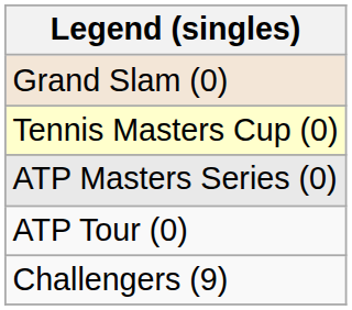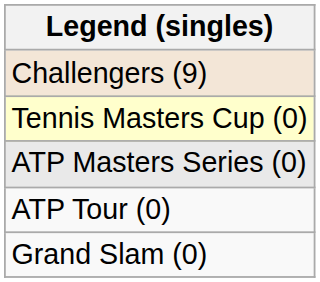 <table class=wikitable>
 <tr>
 <th>Legend (singles)</th>
 </tr>
 <tr style="background:#f3e6d7;">
-<td>Grand Slam (0)</td>
+<td>Challengers (9)</td>
 </tr>
 <tr style="background:#ffc;">
 <td>Tennis Masters Cup (0)</td>
 </tr>
 <tr style="background:#e9e9e9;">
 <td>ATP Masters Series (0)</td>
 </tr>
 <tr>
 <td>ATP Tour (0)</td>
 </tr>
 <tr style="background:#moccasin;">
-<td>Challengers (9)</td>
+<td>Grand Slam (0)</td>
 </tr>
 </table>
